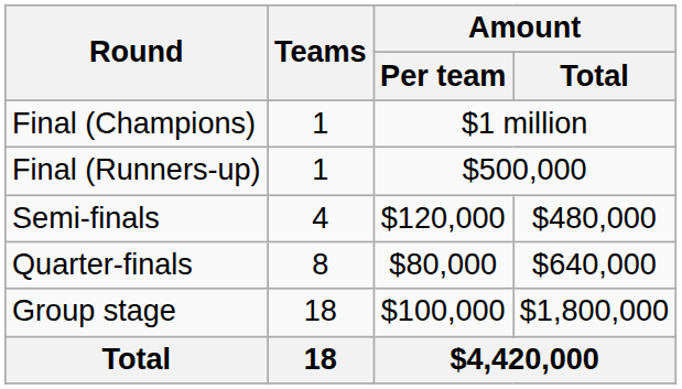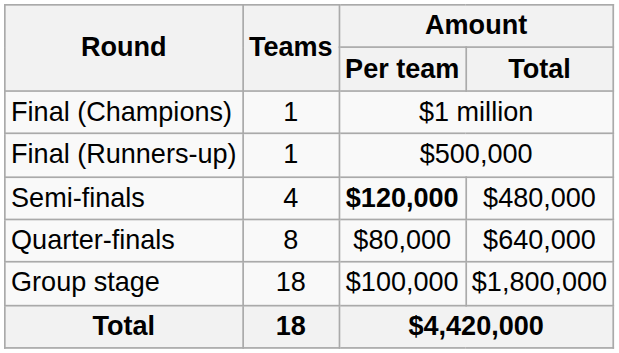 <table class="wikitable sortable" style="text-align:center;">
 <tr>
 <th rowspan="2">Round</th>
 <th rowspan="2">Teams</th>
 <th colspan="2">Amount</th>
 </tr>
 <tr>
 <th>Per team</th>
 <th>Total</th>
 </tr>
 <tr>
 <td style="text-align:left;">Final (Champions)</td>
 <td>1</td>
 <td colspan="2">$1 million</td>
 </tr>
 <tr>
 <td style="text-align:left;">Final (Runners-up)</td>
 <td>1</td>
 <td colspan="2">$500,000</td>
 </tr>
 <tr>
 <td style="text-align:left;">Semi-finals</td>
 <td>4</td>
-<td>$120,000</td>
+<td><strong>$120,000</strong></td>
 <td>$480,000</td>
 </tr>
 <tr>
 <td style="text-align:left;">Quarter-finals</td>
 <td>8</td>
 <td>$80,000</td>
 <td>$640,000</td>
 </tr>
 <tr>
 <td style="text-align:left;">Group stage</td>
 <td>18</td>
 <td>$100,000</td>
 <td>$1,800,000</td>
 </tr>
 <tr>
 <th>Total</th>
 <th>18</th>
 <th colspan="2">$4,420,000</th>
 </tr>
 </table>
